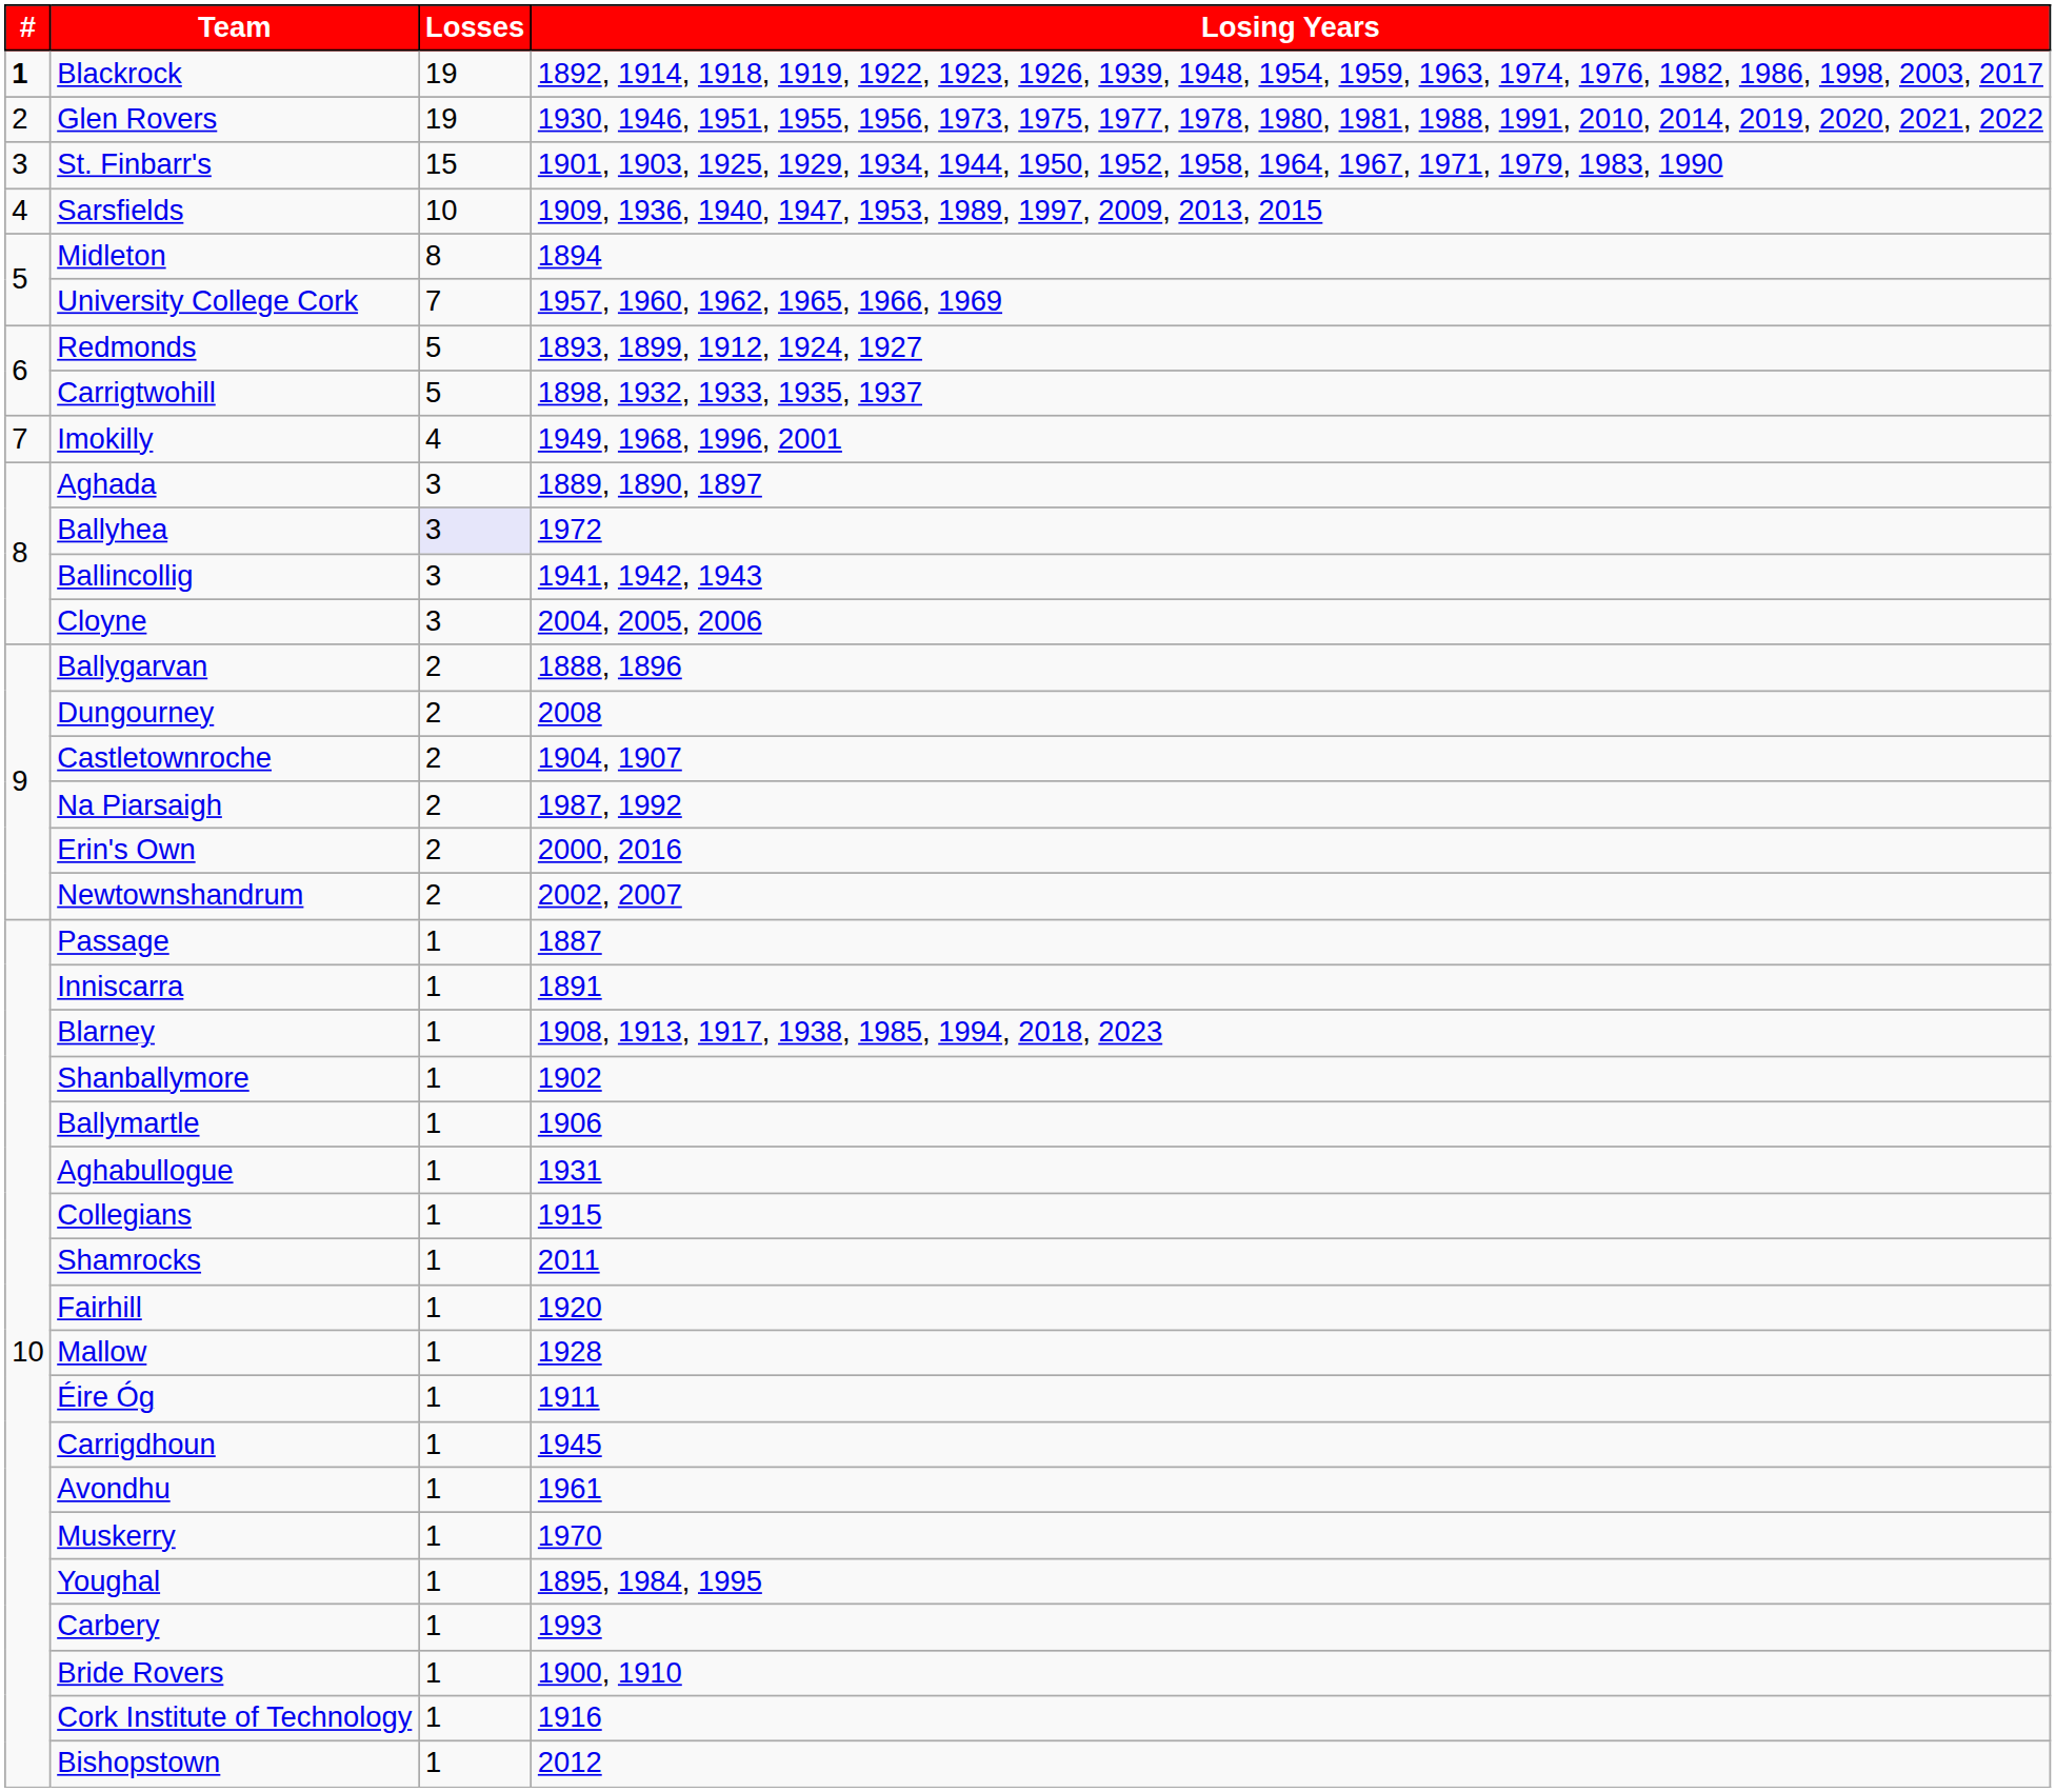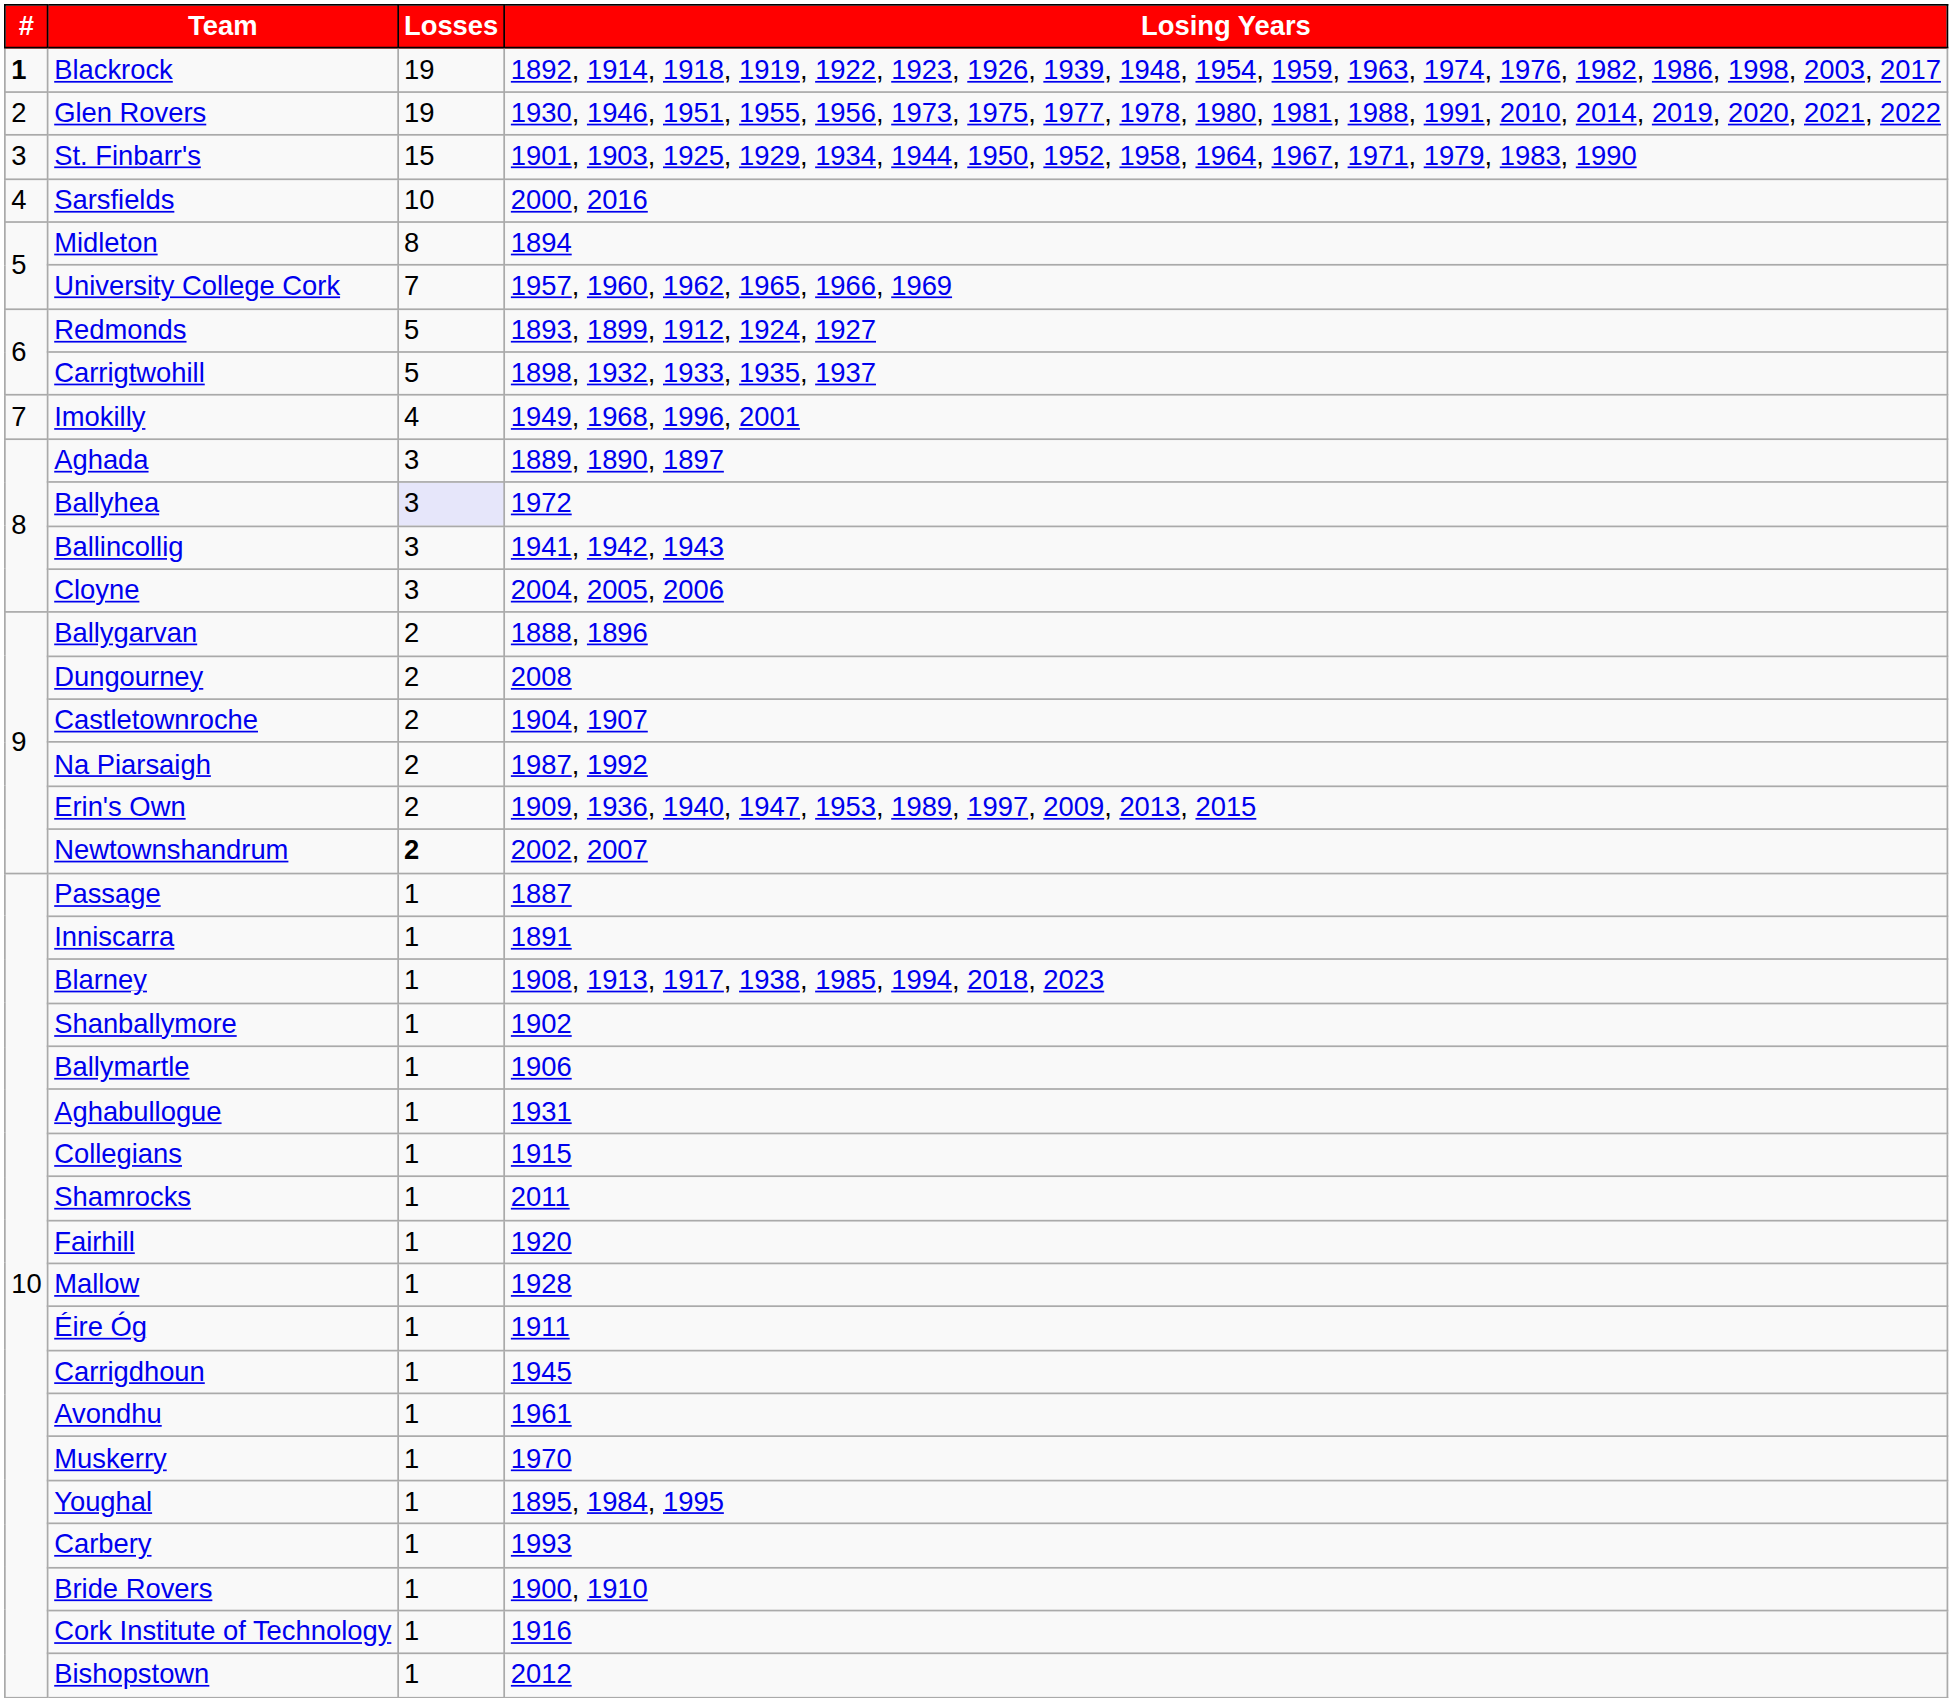 <table class="wikitable">
 <tr>
 <th style="background:red; color:white; border:1px solid black;">#</th>
 <th style="background:red; color:white; border:1px solid black;"><strong>Team</strong></th>
 <th style="background:red; color:white; border:1px solid black;"><strong>Losses</strong></th>
 <th style="background:red; color:white; border:1px solid black;"><strong>Losing Years</strong></th>
 </tr>
 <tr>
 <td><strong>1</strong></td>
 <td><a href='#'>Blackrock</a></td>
 <td>19</td>
 <td><a href='#'>1892</a>, <a href='#'>1914</a>, <a href='#'>1918</a>, <a href='#'>1919</a>, <a href='#'>1922</a>, <a href='#'>1923</a>, <a href='#'>1926</a>, <a href='#'>1939</a>, <a href='#'>1948</a>, <a href='#'>1954</a>, <a href='#'>1959</a>, <a href='#'>1963</a>, <a href='#'>1974</a>, <a href='#'>1976</a>, <a href='#'>1982</a>, <a href='#'>1986</a>, <a href='#'>1998</a>, <a href='#'>2003</a>, <a href='#'>2017</a></td>
 </tr>
 <tr>
 <td>2</td>
 <td><a href='#'>Glen Rovers</a></td>
 <td>19</td>
 <td><a href='#'>1930</a>, <a href='#'>1946</a>, <a href='#'>1951</a>, <a href='#'>1955</a>, <a href='#'>1956</a>, <a href='#'>1973</a>, <a href='#'>1975</a>, <a href='#'>1977</a>, <a href='#'>1978</a>, <a href='#'>1980</a>, <a href='#'>1981</a>, <a href='#'>1988</a>, <a href='#'>1991</a>, <a href='#'>2010</a>, <a href='#'>2014</a>, <a href='#'>2019</a>, <a href='#'>2020</a>, <a href='#'>2021</a>, <a href='#'>2022</a></td>
 </tr>
 <tr>
 <td>3</td>
 <td><a href='#'>St. Finbarr's</a></td>
 <td>15</td>
 <td><a href='#'>1901</a>, <a href='#'>1903</a>, <a href='#'>1925</a>, <a href='#'>1929</a>, <a href='#'>1934</a>, <a href='#'>1944</a>, <a href='#'>1950</a>, <a href='#'>1952</a>, <a href='#'>1958</a>, <a href='#'>1964</a>, <a href='#'>1967</a>, <a href='#'>1971</a>, <a href='#'>1979</a>, <a href='#'>1983</a>, <a href='#'>1990</a></td>
 </tr>
 <tr>
 <td>4</td>
 <td><a href='#'>Sarsfields</a></td>
 <td>10</td>
-<td><a href='#'>1909</a>, <a href='#'>1936</a>, <a href='#'>1940</a>, <a href='#'>1947</a>, <a href='#'>1953</a>, <a href='#'>1989</a>, <a href='#'>1997</a>, <a href='#'>2009</a>, <a href='#'>2013</a>, <a href='#'>2015</a></td>
+<td><a href='#'>2000</a>, <a href='#'>2016</a></td>
 </tr>
 <tr>
 <td rowspan=2>5</td>
 <td><a href='#'>Midleton</a></td>
 <td>8</td>
 <td><a href='#'>1894</a></td>
 </tr>
 <tr>
 <td><a href='#'>University College Cork</a></td>
 <td>7</td>
 <td><a href='#'>1957</a>, <a href='#'>1960</a>, <a href='#'>1962</a>, <a href='#'>1965</a>, <a href='#'>1966</a>, <a href='#'>1969</a></td>
 </tr>
 <tr>
 <td rowspan=2>6</td>
 <td><a href='#'>Redmonds</a></td>
 <td>5</td>
 <td><a href='#'>1893</a>, <a href='#'>1899</a>, <a href='#'>1912</a>, <a href='#'>1924</a>, <a href='#'>1927</a></td>
 </tr>
 <tr>
 <td><a href='#'>Carrigtwohill</a></td>
 <td>5</td>
 <td><a href='#'>1898</a>, <a href='#'>1932</a>, <a href='#'>1933</a>, <a href='#'>1935</a>, <a href='#'>1937</a></td>
 </tr>
 <tr>
 <td>7</td>
 <td><a href='#'>Imokilly</a></td>
 <td>4</td>
 <td><a href='#'>1949</a>, <a href='#'>1968</a>, <a href='#'>1996</a>, <a href='#'>2001</a></td>
 </tr>
 <tr>
 <td rowspan=4>8</td>
 <td><a href='#'>Aghada</a></td>
 <td>3</td>
 <td><a href='#'>1889</a>, <a href='#'>1890</a>, <a href='#'>1897</a></td>
 </tr>
 <tr>
 <td><a href='#'>Ballyhea</a></td>
 <td style="background: lavender;">3</td>
 <td><a href='#'>1972</a></td>
 </tr>
 <tr>
 <td><a href='#'>Ballincollig</a></td>
 <td>3</td>
 <td><a href='#'>1941</a>, <a href='#'>1942</a>, <a href='#'>1943</a></td>
 </tr>
 <tr>
 <td><a href='#'>Cloyne</a></td>
 <td>3</td>
 <td><a href='#'>2004</a>, <a href='#'>2005</a>, <a href='#'>2006</a></td>
 </tr>
 <tr>
 <td rowspan=6>9</td>
 <td><a href='#'>Ballygarvan</a></td>
 <td>2</td>
 <td><a href='#'>1888</a>, <a href='#'>1896</a></td>
 </tr>
 <tr>
 <td><a href='#'>Dungourney</a></td>
 <td>2</td>
 <td><a href='#'>2008</a></td>
 </tr>
 <tr>
 <td><a href='#'>Castletownroche</a></td>
 <td>2</td>
 <td><a href='#'>1904</a>, <a href='#'>1907</a></td>
 </tr>
 <tr>
 <td><a href='#'>Na Piarsaigh</a></td>
 <td>2</td>
 <td><a href='#'>1987</a>, <a href='#'>1992</a></td>
 </tr>
 <tr>
 <td><a href='#'>Erin's Own</a></td>
 <td>2</td>
-<td><a href='#'>2000</a>, <a href='#'>2016</a></td>
+<td><a href='#'>1909</a>, <a href='#'>1936</a>, <a href='#'>1940</a>, <a href='#'>1947</a>, <a href='#'>1953</a>, <a href='#'>1989</a>, <a href='#'>1997</a>, <a href='#'>2009</a>, <a href='#'>2013</a>, <a href='#'>2015</a></td>
 </tr>
 <tr>
 <td><a href='#'>Newtownshandrum</a></td>
-<td>2</td>
+<td><strong>2</strong></td>
 <td><a href='#'>2002</a>, <a href='#'>2007</a></td>
 </tr>
 <tr>
 <td rowspan=19>10</td>
 <td><a href='#'>Passage</a></td>
 <td>1</td>
 <td><a href='#'>1887</a></td>
 </tr>
 <tr>
 <td><a href='#'>Inniscarra</a></td>
 <td>1</td>
 <td><a href='#'>1891</a></td>
 </tr>
 <tr>
 <td><a href='#'>Blarney</a></td>
 <td>1</td>
 <td><a href='#'>1908</a>, <a href='#'>1913</a>, <a href='#'>1917</a>, <a href='#'>1938</a>, <a href='#'>1985</a>, <a href='#'>1994</a>, <a href='#'>2018</a>, <a href='#'>2023</a></td>
 </tr>
 <tr>
 <td><a href='#'>Shanballymore</a></td>
 <td>1</td>
 <td><a href='#'>1902</a></td>
 </tr>
 <tr>
 <td><a href='#'>Ballymartle</a></td>
 <td>1</td>
 <td><a href='#'>1906</a></td>
 </tr>
 <tr>
 <td><a href='#'>Aghabullogue</a></td>
 <td>1</td>
 <td><a href='#'>1931</a></td>
 </tr>
 <tr>
 <td><a href='#'>Collegians</a></td>
 <td>1</td>
 <td><a href='#'>1915</a></td>
 </tr>
 <tr>
 <td><a href='#'>Shamrocks</a></td>
 <td>1</td>
 <td><a href='#'>2011</a></td>
 </tr>
 <tr>
 <td><a href='#'>Fairhill</a></td>
 <td>1</td>
 <td><a href='#'>1920</a></td>
 </tr>
 <tr>
 <td><a href='#'>Mallow</a></td>
 <td>1</td>
 <td><a href='#'>1928</a></td>
 </tr>
 <tr>
 <td><a href='#'>Éire Óg</a></td>
 <td>1</td>
 <td><a href='#'>1911</a></td>
 </tr>
 <tr>
 <td><a href='#'>Carrigdhoun</a></td>
 <td>1</td>
 <td><a href='#'>1945</a></td>
 </tr>
 <tr>
 <td><a href='#'>Avondhu</a></td>
 <td>1</td>
 <td><a href='#'>1961</a></td>
 </tr>
 <tr>
 <td><a href='#'>Muskerry</a></td>
 <td>1</td>
 <td><a href='#'>1970</a></td>
 </tr>
 <tr>
 <td><a href='#'>Youghal</a></td>
 <td>1</td>
 <td><a href='#'>1895</a>, <a href='#'>1984</a>, <a href='#'>1995</a></td>
 </tr>
 <tr>
 <td><a href='#'>Carbery</a></td>
 <td>1</td>
 <td><a href='#'>1993</a></td>
 </tr>
 <tr>
 <td><a href='#'>Bride Rovers</a></td>
 <td>1</td>
 <td><a href='#'>1900</a>, <a href='#'>1910</a></td>
 </tr>
 <tr>
 <td><a href='#'>Cork Institute of Technology</a></td>
 <td>1</td>
 <td><a href='#'>1916</a></td>
 </tr>
 <tr>
 <td><a href='#'>Bishopstown</a></td>
 <td>1</td>
 <td><a href='#'>2012</a></td>
 </tr>
 </table>
